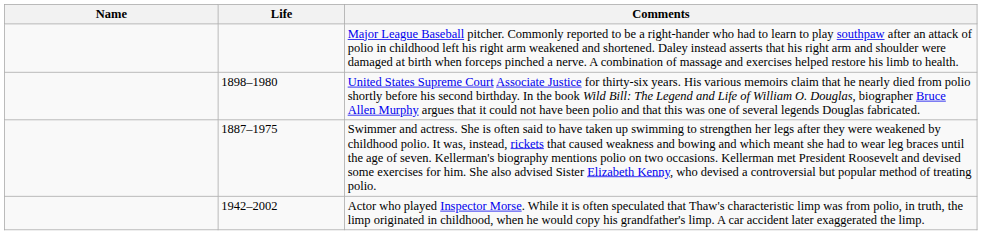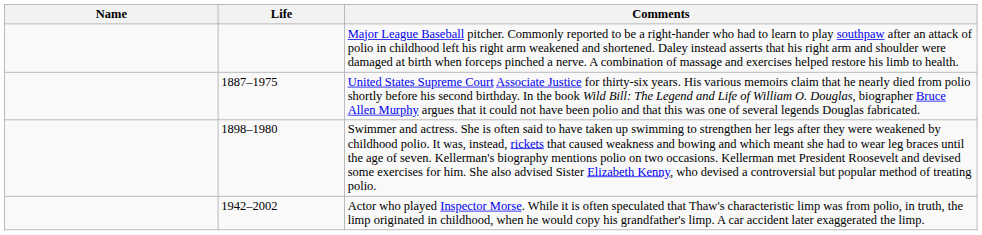 <table class="sortable wikitable">
 <tr>
 <th width="22%">Name</th>
 <th width="13%">Life</th>
 <th class="unsortable" width="65%">Comments</th>
 </tr>
 <tr valign="top">
 <td></td>
 <td></td>
 <td><a href='#'>Major League Baseball</a> pitcher. Commonly reported to be a right-hander who had to learn to play <a href='#'>southpaw</a> after an attack of polio in childhood left his right arm weakened and shortened. Daley instead asserts that his right arm and shoulder were damaged at birth when forceps pinched a nerve. A combination of massage and exercises helped restore his limb to health.</td>
 </tr>
 <tr valign="top">
 <td></td>
-<td>1898–1980</td>
+<td>1887–1975</td>
 <td><a href='#'>United States Supreme Court</a> <a href='#'>Associate Justice</a> for thirty-six years. His various memoirs claim that he nearly died from polio shortly before his second birthday. In the book <em>Wild Bill: The Legend and Life of William O. Douglas</em>, biographer <a href='#'>Bruce Allen Murphy</a> argues that it could not have been polio and that this was one of several legends Douglas fabricated.</td>
 </tr>
 <tr valign="top">
 <td></td>
-<td>1887–1975</td>
+<td>1898–1980</td>
 <td>Swimmer and actress. She is often said to have taken up swimming to strengthen her legs after they were weakened by childhood polio. It was, instead, <a href='#'>rickets</a> that caused weakness and bowing and which meant she had to wear leg braces until the age of seven. Kellerman's biography mentions polio on two occasions. Kellerman met President Roosevelt and devised some exercises for him. She also advised Sister <a href='#'>Elizabeth Kenny</a>, who devised a controversial but popular method of treating polio.</td>
 </tr>
 <tr valign="top">
 <td></td>
 <td>1942–2002</td>
 <td>Actor who played <a href='#'>Inspector Morse</a>. While it is often speculated that Thaw's characteristic limp was from polio, in truth, the limp originated in childhood, when he would copy his grandfather's limp. A car accident later exaggerated the limp.</td>
 </tr>
 </table>
